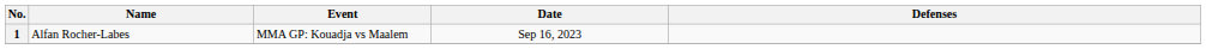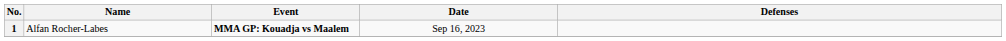 <table class="wikitable" width=100%>
 <tr>
 <th width=1%>No.</th>
 <th width=19%>Name</th>
 <th width=15%>Event</th>
 <th width=20%>Date</th>
 <th width=45%>Defenses</th>
 </tr>
 <tr>
 <th>1</th>
 <td> Alfan Rocher-Labes <br></td>
-<td>MMA GP: Kouadja vs Maalem <br></td>
+<td><strong>MMA GP: Kouadja vs Maalem <br></strong></td>
 <td align=center>Sep 16, 2023</td>
 <td></td>
 </tr>
 <tr>
 </tr>
 </table>
